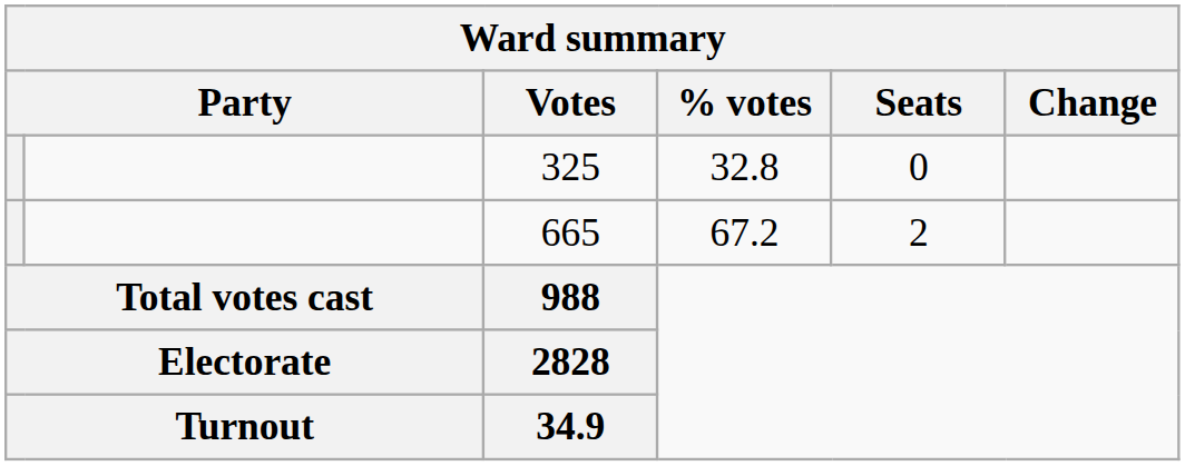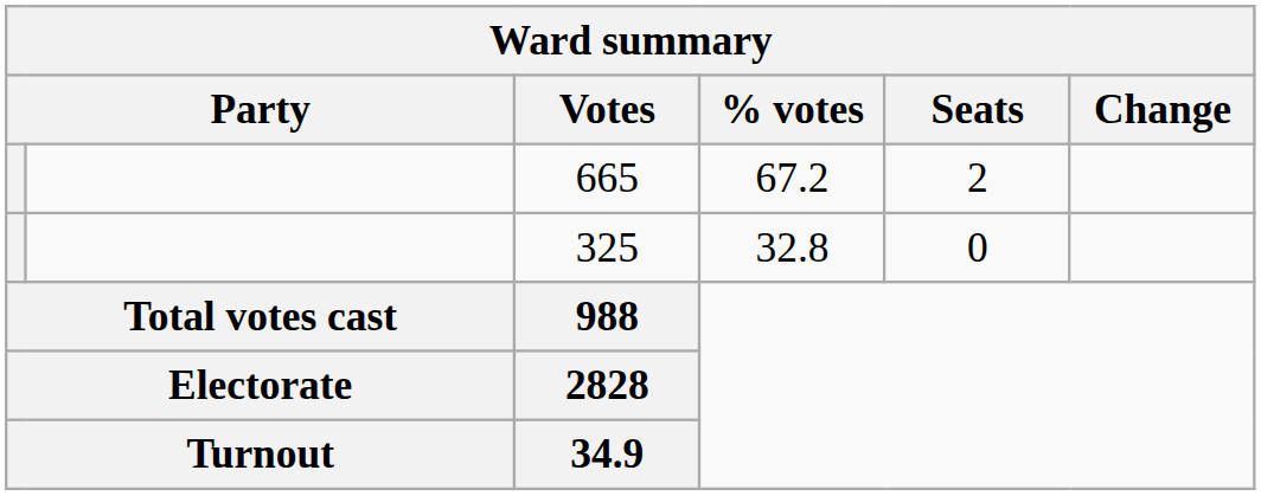 <table class="wikitable" style="font-size: 95%;">
 <tr style="background-color:#E9E9E9">
 <th colspan="6">Ward summary</th>
 </tr>
 <tr style="background-color:#E9E9E9">
 <th colspan="2">Party</th>
 <th style="width: 60px">Votes</th>
 <th style="width: 60px">% votes</th>
 <th style="width: 60px">Seats</th>
 <th style="width: 60px">Change</th>
 </tr>
 <tr>
 <th style="background-color: "></th>
 <td style="width: 170px"><a href='#'></a></td>
-<td align="center">325</td>
-<td align="center">32.8</td>
-<td align="center">0</td>
+<td align="center">665</td>
+<td align="center">67.2</td>
+<td align="center">2</td>
 <td align="center"></td>
 </tr>
 <tr>
 <th style="background-color: "></th>
 <td style="width: 170px"><a href='#'></a></td>
-<td align="center">665</td>
-<td align="center">67.2</td>
-<td align="center">2</td>
+<td align="center">325</td>
+<td align="center">32.8</td>
+<td align="center">0</td>
 <td align="center"></td>
 </tr>
 <tr style="background-color:#E9E9E9">
 <th colspan="2">Total votes cast</th>
 <th style="width: 60px">988</th>
 </tr>
 <tr style="background-color:#E9E9E9">
 <th colspan="2">Electorate</th>
 <th style="width: 60px">2828</th>
 </tr>
 <tr style="background-color:#E9E9E9">
 <th colspan="2">Turnout</th>
 <th style="width: 60px">34.9</th>
 </tr>
 </table>
